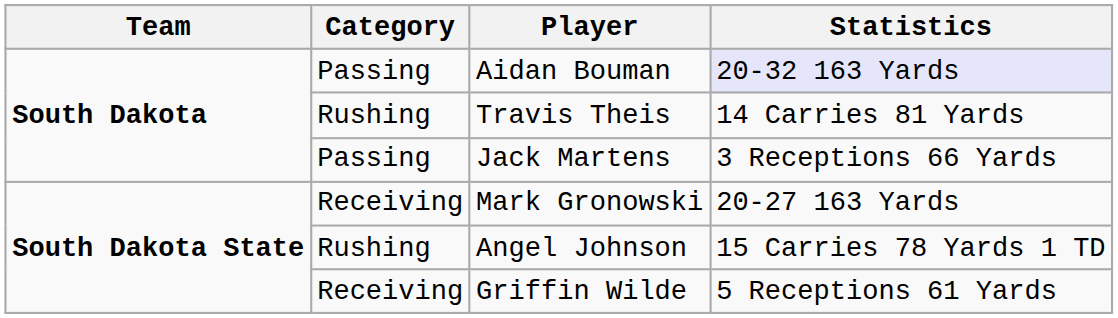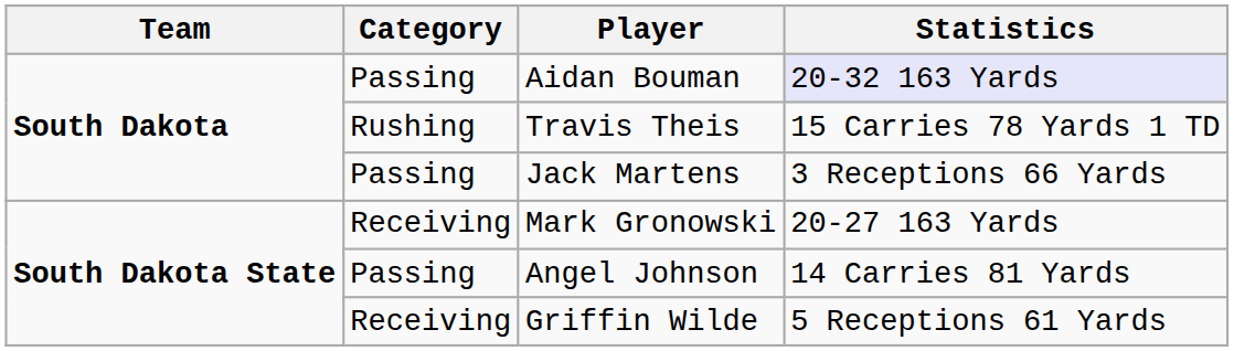 <table class="wikitable" style="float: right;">
 <tr>
 <th>Team</th>
 <th>Category</th>
 <th>Player</th>
 <th>Statistics</th>
 </tr>
 <tr>
 <td rowspan=3><strong>South Dakota</strong></td>
 <td>Passing</td>
 <td>Aidan Bouman</td>
 <td style="background: lavender;">20-32 163 Yards</td>
 </tr>
 <tr>
 <td>Rushing</td>
 <td>Travis Theis</td>
-<td>14 Carries 81 Yards</td>
+<td>15 Carries 78  Yards 1 TD</td>
 </tr>
 <tr>
 <td>Passing</td>
 <td>Jack Martens</td>
 <td>3 Receptions 66 Yards</td>
 </tr>
 <tr>
 <td rowspan=3><strong>South Dakota State</strong></td>
 <td>Receiving</td>
 <td>Mark Gronowski</td>
 <td>20-27 163 Yards</td>
 </tr>
 <tr>
-<td>Rushing</td>
+<td>Passing</td>
 <td>Angel Johnson</td>
-<td>15 Carries 78  Yards 1 TD</td>
+<td>14 Carries 81 Yards</td>
 </tr>
 <tr>
 <td>Receiving</td>
 <td>Griffin Wilde</td>
 <td>5 Receptions 61 Yards</td>
 </tr>
 </table>
